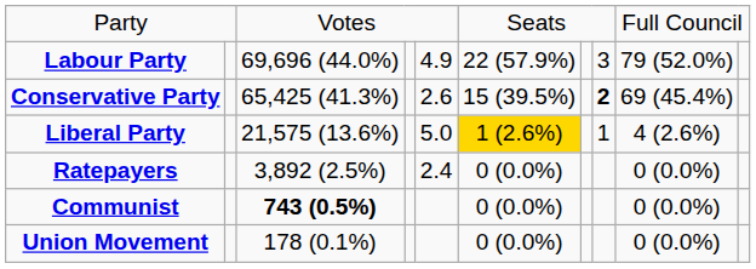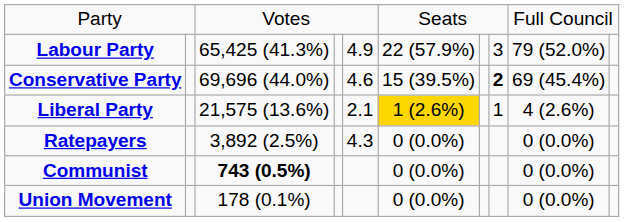 <table class=wikitable style="text-align:center;">
 <tr>
 <td colspan=2>Party</td>
 <td colspan=3>Votes</td>
 <td colspan=3>Seats</td>
 <td colspan=3>Full Council</td>
 </tr>
 <tr>
 <td><strong><a href='#'>Labour Party</a></strong></td>
 <td style="background:"></td>
-<td>69,696 (44.0%)</td>
+<td>65,425 (41.3%)</td>
 <td></td>
 <td> 4.9</td>
 <td>22 (57.9%)</td>
 <td></td>
 <td> 3</td>
 <td>79 (52.0%)</td>
 <td></td>
 </tr>
 <tr>
 <td><strong><a href='#'>Conservative Party</a></strong></td>
 <td style="background:"></td>
-<td>65,425 (41.3%)</td>
+<td>69,696 (44.0%)</td>
 <td></td>
-<td> 2.6</td>
+<td> 4.6</td>
 <td>15 (39.5%)</td>
 <td></td>
 <td><strong> 2</strong></td>
 <td>69 (45.4%)</td>
 <td></td>
 </tr>
 <tr>
 <td><strong><a href='#'>Liberal Party</a></strong></td>
 <td style="background:"></td>
 <td>21,575 (13.6%)</td>
 <td></td>
-<td> 5.0</td>
+<td> 2.1</td>
 <td style="background: gold;">1 (2.6%)</td>
 <td></td>
 <td> 1</td>
 <td>4 (2.6%)</td>
 <td></td>
 </tr>
 <tr>
 <td><strong><a href='#'>Ratepayers</a></strong></td>
 <td style="background:"></td>
 <td>3,892 (2.5%)</td>
 <td></td>
-<td> 2.4</td>
+<td> 4.3</td>
 <td>0 (0.0%)</td>
 <td></td>
 <td></td>
 <td>0 (0.0%)</td>
 <td></td>
 </tr>
 <tr>
 <td><strong><a href='#'>Communist</a></strong></td>
 <td style="background:"></td>
 <td><strong>743 (0.5%)</strong></td>
 <td></td>
 <td></td>
 <td>0 (0.0%)</td>
 <td></td>
 <td></td>
 <td>0 (0.0%)</td>
 <td></td>
 </tr>
 <tr>
 <td><strong><a href='#'>Union Movement</a></strong></td>
 <td style="background:"></td>
 <td>178 (0.1%)</td>
 <td></td>
 <td></td>
 <td>0 (0.0%)</td>
 <td></td>
 <td></td>
 <td>0 (0.0%)</td>
 <td></td>
 </tr>
 </table>
